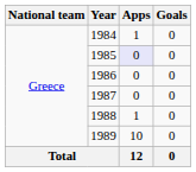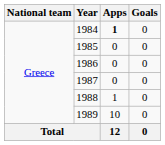 <table class="wikitable" style="text-align:center">
 <tr>
 <th>National team</th>
 <th>Year</th>
 <th>Apps</th>
 <th>Goals</th>
 </tr>
 <tr>
 <td rowspan=6><a href='#'>Greece</a></td>
 <td>1984</td>
-<td>1</td>
+<td><strong>1</strong></td>
 <td>0</td>
 </tr>
 <tr>
 <td>1985</td>
-<td style="background: lavender;">0</td>
+<td>0</td>
 <td>0</td>
 </tr>
 <tr>
 <td>1986</td>
 <td>0</td>
 <td>0</td>
 </tr>
 <tr>
 <td>1987</td>
 <td>0</td>
 <td>0</td>
 </tr>
 <tr>
 <td>1988</td>
 <td>1</td>
 <td>0</td>
 </tr>
 <tr>
 <td>1989</td>
 <td>10</td>
 <td>0</td>
 </tr>
 <tr>
 <th colspan=2>Total</th>
 <th>12</th>
 <th>0</th>
 </tr>
 </table>
